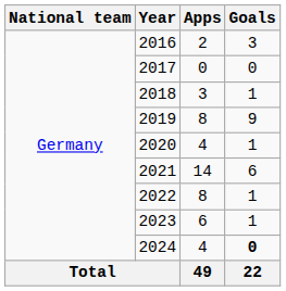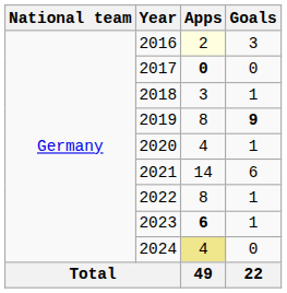 <table class="wikitable" style="text-align: center;">
 <tr>
 <th>National team</th>
 <th>Year</th>
 <th>Apps</th>
 <th>Goals</th>
 </tr>
 <tr>
 <td rowspan="9"><a href='#'>Germany</a></td>
 <td>2016</td>
-<td>2</td>
+<td style="background: lightyellow;">2</td>
 <td>3</td>
 </tr>
 <tr>
 <td>2017</td>
-<td>0</td>
+<td><strong>0</strong></td>
 <td>0</td>
 </tr>
 <tr>
 <td>2018</td>
 <td>3</td>
 <td>1</td>
 </tr>
 <tr>
 <td>2019</td>
 <td>8</td>
-<td>9</td>
+<td><strong>9</strong></td>
 </tr>
 <tr>
 <td>2020</td>
 <td>4</td>
 <td>1</td>
 </tr>
 <tr>
 <td>2021</td>
 <td>14</td>
 <td>6</td>
 </tr>
 <tr>
 <td>2022</td>
 <td>8</td>
 <td>1</td>
 </tr>
 <tr>
 <td>2023</td>
-<td>6</td>
+<td><strong>6</strong></td>
 <td>1</td>
 </tr>
 <tr>
 <td>2024</td>
-<td>4</td>
-<td><strong>0</strong></td>
+<td style="background: khaki;">4</td>
+<td>0</td>
 </tr>
 <tr>
 <th colspan="2">Total</th>
 <th>49</th>
 <th>22</th>
 </tr>
 </table>
